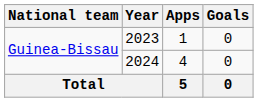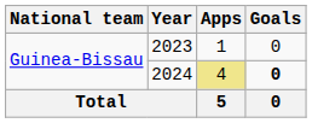 <table class="wikitable" style="text-align:center">
 <tr>
 <th>National team</th>
 <th>Year</th>
 <th>Apps</th>
 <th>Goals</th>
 </tr>
 <tr>
 <td rowspan="2"><a href='#'>Guinea-Bissau</a></td>
 <td>2023</td>
 <td>1</td>
 <td>0</td>
 </tr>
 <tr>
 <td>2024</td>
-<td>4</td>
-<td>0</td>
+<td style="background: khaki;">4</td>
+<td><strong>0</strong></td>
 </tr>
 <tr>
 <th colspan="2">Total</th>
 <th>5</th>
 <th>0</th>
 </tr>
 </table>
